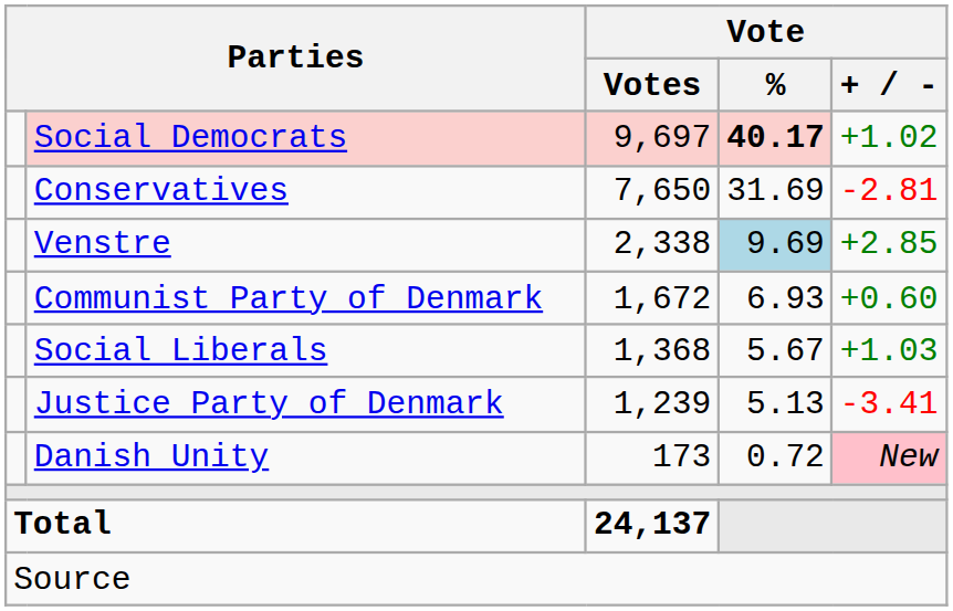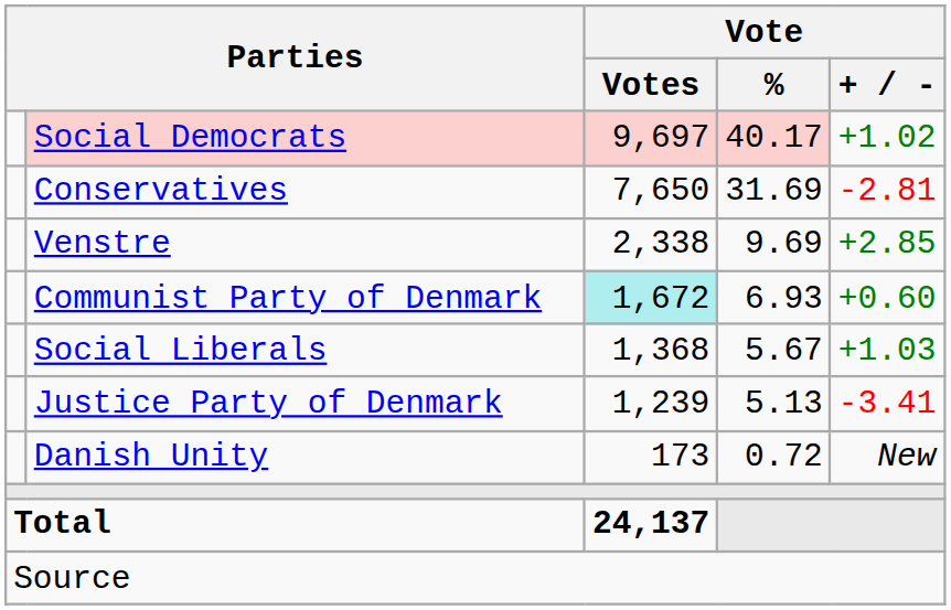 <table class="wikitable" style="text-align:right;">
 <tr>
 <th style="text-align:centre;" rowspan="2" colspan="2" width="225">Parties</th>
 <th colspan="3">Vote</th>
 </tr>
 <tr>
 <th width="15">Votes</th>
 <th width="15">%</th>
 <th width="15">+ / -</th>
 </tr>
 <tr>
 <td width="2" style="color:inherit;background:"></td>
 <td bgcolor=#fbd0ce  align="left"><a href='#'>Social Democrats</a></td>
 <td bgcolor=#fbd0ce>9,697</td>
-<td bgcolor=#fbd0ce><strong>40.17</strong></td>
+<td bgcolor=#fbd0ce>40.17</td>
 <td style=color:green;>+1.02</td>
 </tr>
 <tr>
 <td width="2" style="color:inherit;background:"></td>
 <td align="left"><a href='#'>Conservatives</a></td>
 <td>7,650</td>
 <td>31.69</td>
 <td style=color:red;>-2.81</td>
 </tr>
 <tr>
 <td width="2" style="color:inherit;background:"></td>
 <td align="left"><a href='#'>Venstre</a></td>
 <td>2,338</td>
-<td style="background: lightblue;">9.69</td>
+<td>9.69</td>
 <td style=color:green;>+2.85</td>
 </tr>
 <tr>
 <td width="2" style="color:inherit;background:"></td>
 <td align="left"><a href='#'>Communist Party of Denmark</a></td>
-<td>1,672</td>
+<td style="background: paleturquoise;">1,672</td>
 <td>6.93</td>
 <td style=color:green;>+0.60</td>
 </tr>
 <tr>
 <td width="2" style="color:inherit;background:"></td>
 <td align="left"><a href='#'>Social Liberals</a></td>
 <td>1,368</td>
 <td>5.67</td>
 <td style=color:green;>+1.03</td>
 </tr>
 <tr>
 <td width="2" style="color:inherit;background:"></td>
 <td align="left"><a href='#'>Justice Party of Denmark</a></td>
 <td>1,239</td>
 <td>5.13</td>
 <td style=color:red;>-3.41</td>
 </tr>
 <tr>
 <td width="2" style="color:inherit;background:"></td>
 <td align="left"><a href='#'>Danish Unity</a></td>
 <td>173</td>
 <td>0.72</td>
-<td style="background: pink;"><em>New</em></td>
+<td><em>New</em></td>
 </tr>
 <tr>
 <td colspan="7" bgcolor="#E9E9E9"></td>
 </tr>
 <tr>
 <td align="left" colspan="2"><strong>Total</strong></td>
 <td><strong>24,137</strong></td>
 <td bgcolor="#E9E9E9" colspan="2"></td>
 </tr>
 <tr>
 <td align="left" colspan="6">Source</td>
 </tr>
 </table>
